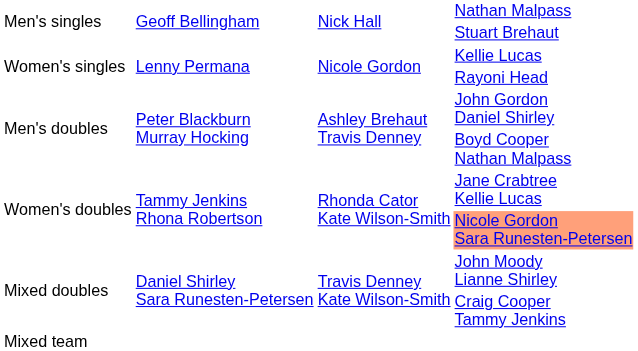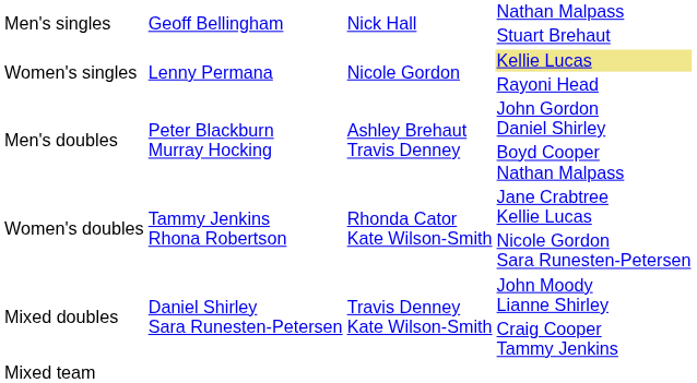 <table>
 <tr>
 <td rowspan="2">Men's singles</td>
 <td rowspan="2"> <a href='#'>Geoff Bellingham</a></td>
 <td rowspan="2"> <a href='#'>Nick Hall</a></td>
 <td> <a href='#'>Nathan Malpass</a></td>
 </tr>
 <tr>
 <td> <a href='#'>Stuart Brehaut</a></td>
 </tr>
 <tr>
 <td rowspan="2">Women's singles</td>
 <td rowspan="2"> <a href='#'>Lenny Permana</a></td>
 <td rowspan="2"> <a href='#'>Nicole Gordon</a></td>
-<td> <a href='#'>Kellie Lucas</a></td>
+<td style="background: khaki;"> <a href='#'>Kellie Lucas</a></td>
 </tr>
 <tr>
 <td> <a href='#'>Rayoni Head</a></td>
 </tr>
 <tr>
 <td rowspan="2">Men's doubles</td>
 <td rowspan="2"> <a href='#'>Peter Blackburn</a><br> <a href='#'>Murray Hocking</a></td>
 <td rowspan="2"> <a href='#'>Ashley Brehaut</a><br> <a href='#'>Travis Denney</a></td>
 <td> <a href='#'>John Gordon</a><br> <a href='#'>Daniel Shirley</a></td>
 </tr>
 <tr>
 <td> <a href='#'>Boyd Cooper</a><br> <a href='#'>Nathan Malpass</a></td>
 </tr>
 <tr>
 <td rowspan="2">Women's doubles</td>
 <td rowspan="2"> <a href='#'>Tammy Jenkins</a><br> <a href='#'>Rhona Robertson</a></td>
 <td rowspan="2"> <a href='#'>Rhonda Cator</a><br> <a href='#'>Kate Wilson-Smith</a></td>
 <td> <a href='#'>Jane Crabtree</a><br> <a href='#'>Kellie Lucas</a></td>
 </tr>
 <tr>
-<td style="background: lightsalmon;"> <a href='#'>Nicole Gordon</a><br> <a href='#'>Sara Runesten-Petersen</a></td>
+<td> <a href='#'>Nicole Gordon</a><br> <a href='#'>Sara Runesten-Petersen</a></td>
 </tr>
 <tr>
 <td rowspan="2">Mixed doubles</td>
 <td rowspan="2"> <a href='#'>Daniel Shirley</a><br> <a href='#'>Sara Runesten-Petersen</a></td>
 <td rowspan="2"> <a href='#'>Travis Denney</a><br> <a href='#'>Kate Wilson-Smith</a></td>
 <td> <a href='#'>John Moody</a><br> <a href='#'>Lianne Shirley</a></td>
 </tr>
 <tr>
 <td> <a href='#'>Craig Cooper</a><br> <a href='#'>Tammy Jenkins</a></td>
 </tr>
 <tr>
 <td>Mixed team</td>
 <td></td>
 <td></td>
 <td></td>
 </tr>
 </table>
